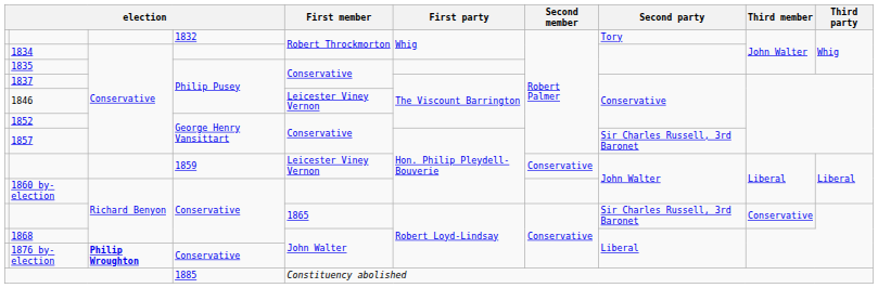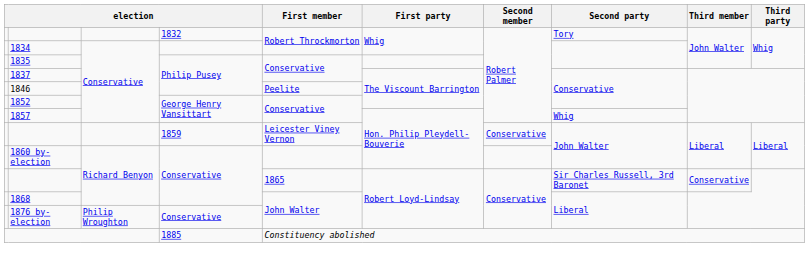 <table class="wikitable">
 <tr>
 <th colspan="4">election</th>
 <th>First member</th>
 <th>First party</th>
 <th>Second member</th>
 <th>Second party</th>
 <th>Third member</th>
 <th>Third party</th>
 </tr>
 <tr>
 <td style="color:inherit;background-color: "></td>
 <td style="color:inherit;background-color: "></td>
 <td style="color:inherit;background-color: "></td>
 <td><a href='#'>1832</a></td>
 <td rowspan="2"><a href='#'>Robert Throckmorton</a></td>
 <td rowspan="2"><a href='#'>Whig</a></td>
 <td rowspan="7"><a href='#'>Robert Palmer</a></td>
 <td><a href='#'>Tory</a></td>
 <td rowspan="3"><a href='#'>John Walter</a></td>
 <td rowspan="3"><a href='#'>Whig</a></td>
 </tr>
 <tr>
 <td style="color:inherit;background-color: "></td>
 <td><a href='#'>1834</a></td>
 <td rowspan="6"><a href='#'>Conservative</a></td>
 </tr>
 <tr>
 <td style="color:inherit;background-color: "></td>
 <td><a href='#'>1835</a></td>
 <td rowspan="3"><a href='#'>Philip Pusey</a></td>
 <td rowspan="2"><a href='#'>Conservative</a></td>
 </tr>
 <tr>
 <td style="color:inherit;background-color: "></td>
 <td><a href='#'>1837</a></td>
 <td rowspan="3"><a href='#'>The Viscount Barrington</a></td>
 <td rowspan="3"><a href='#'>Conservative</a></td>
 </tr>
 <tr>
 <td style="color:inherit;background-color: "></td>
 <td>1846</td>
-<td><a href='#'>Leicester Viney Vernon</a></td>
+<td><a href='#'>Peelite</a></td>
 </tr>
 <tr>
 <td style="color:inherit;background-color: "></td>
 <td><a href='#'>1852</a></td>
 <td rowspan="2"><a href='#'>George Henry Vansittart</a></td>
 <td rowspan="2"><a href='#'>Conservative</a></td>
 </tr>
 <tr>
 <td style="color:inherit;background-color: "></td>
 <td><a href='#'>1857</a></td>
 <td rowspan="3"><a href='#'>Hon. Philip Pleydell-Bouverie</a></td>
-<td><a href='#'>Sir Charles Russell, 3rd Baronet</a></td>
+<td><a href='#'>Whig</a></td>
 </tr>
 <tr>
 <td style="color:inherit;background-color: "></td>
 <td style="color:inherit;background-color: "></td>
 <td style="color:inherit;background-color: "></td>
 <td><a href='#'>1859</a></td>
 <td><a href='#'>Leicester Viney Vernon</a></td>
 <td><a href='#'>Conservative</a></td>
 <td rowspan="2"><a href='#'>John Walter</a></td>
 <td rowspan="2"><a href='#'>Liberal</a></td>
 <td rowspan="2"><a href='#'>Liberal</a></td>
 </tr>
 <tr>
 <td style="color:inherit;background-color: "></td>
 <td><a href='#'>1860 by-election</a></td>
 <td rowspan="3"><a href='#'>Richard Benyon</a></td>
 <td rowspan="3"><a href='#'>Conservative</a></td>
 </tr>
 <tr>
 <td style="color:inherit;background-color: "></td>
 <td style="color:inherit;background-color: "></td>
 <td><a href='#'>1865</a></td>
 <td rowspan="3"><a href='#'>Robert Loyd-Lindsay</a></td>
 <td rowspan="3"><a href='#'>Conservative</a></td>
 <td><a href='#'>Sir Charles Russell, 3rd Baronet</a></td>
 <td><a href='#'>Conservative</a></td>
 </tr>
 <tr>
 <td style="color:inherit;background-color: "></td>
 <td><a href='#'>1868</a></td>
 <td rowspan="2"><a href='#'>John Walter</a></td>
 <td rowspan="2"><a href='#'>Liberal</a></td>
 </tr>
 <tr>
 <td style="color:inherit;background-color: "></td>
 <td><a href='#'>1876 by-election</a></td>
-<td><strong><a href='#'>Philip Wroughton</a></strong></td>
+<td><a href='#'>Philip Wroughton</a></td>
 <td><a href='#'>Conservative</a></td>
 </tr>
 <tr>
 <td colspan="3"></td>
 <td><a href='#'>1885</a></td>
 <td colspan="6"><em>Constituency abolished</em></td>
 </tr>
 </table>
